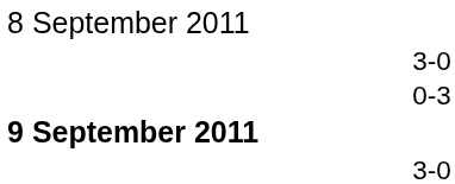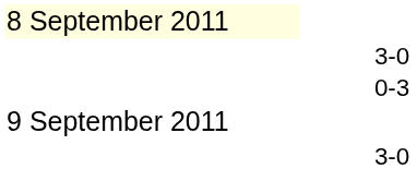 <table style="width:50%;" cellspacing="1">
 <tr>
 <th width=15%></th>
 <th width=10%></th>
 <th width=15%></th>
 </tr>
 <tr>
-<td>8 September 2011</td>
+<td style="background: lightyellow;">8 September 2011</td>
 </tr>
 <tr style=font-size:90%>
 <td align=right></td>
 <td align=center>3-0</td>
 <td></td>
 </tr>
 <tr style=font-size:90%>
 <td align=right></td>
 <td align=center>0-3</td>
 <td></td>
 </tr>
 <tr>
-<td><strong>9 September 2011</strong></td>
+<td>9 September 2011</td>
 </tr>
 <tr style=font-size:90%>
 <td align=right></td>
 <td align=center>3-0</td>
 <td></td>
 </tr>
 </table>
